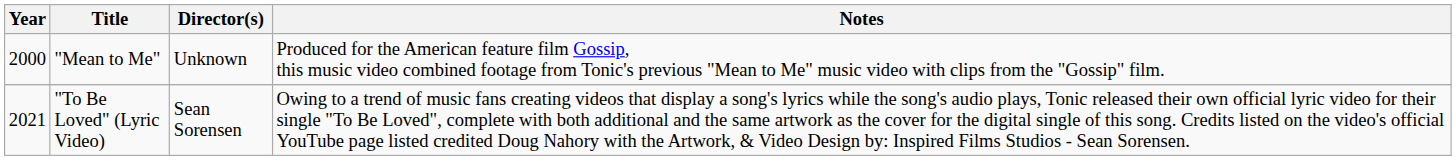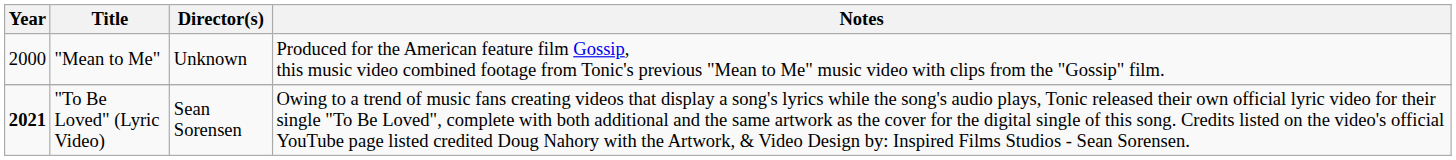 <table class="wikitable">
 <tr>
 <th>Year</th>
 <th>Title</th>
 <th>Director(s)</th>
 <th>Notes</th>
 </tr>
 <tr>
 <td align="center">2000</td>
 <td>"Mean to Me"</td>
 <td>Unknown</td>
 <td>Produced for the American feature film <a href='#'>Gossip</a>,<br>this music video combined footage from Tonic's previous "Mean to Me" music video with clips from the "Gossip" film.</td>
 </tr>
 <tr>
 </tr>
 <tr>
-<td align="center">2021</td>
+<td align="center"><strong>2021</strong></td>
 <td>"To Be Loved" (Lyric Video)</td>
 <td>Sean Sorensen</td>
 <td>Owing to a trend of music fans creating videos that display a song's lyrics while the song's audio plays, Tonic released their own official lyric video for their single "To Be Loved", complete with both additional and the same artwork as the cover for the digital single of this song. Credits listed on the video's official YouTube page listed credited Doug Nahory with the Artwork, & Video Design by: Inspired Films Studios - Sean Sorensen.</td>
 </tr>
 </table>
